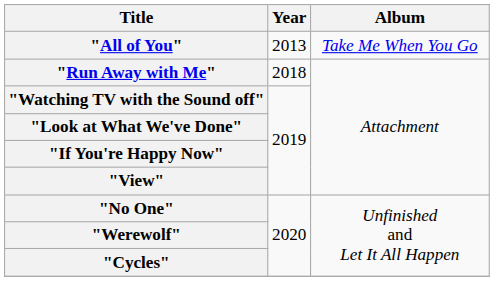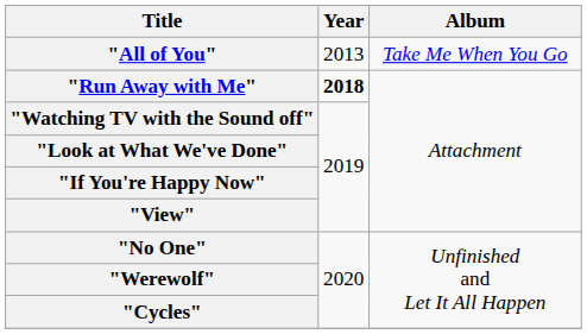 <table class="wikitable plainrowheaders" style="text-align: center">
 <tr>
 <th scope="col">Title</th>
 <th scope="col">Year</th>
 <th scope="col" style="width:160px;">Album</th>
 </tr>
 <tr>
 <th scope="row">"<a href='#'>All of You</a>"<br></th>
 <td>2013</td>
 <td><em><a href='#'>Take Me When You Go</a></em></td>
 </tr>
 <tr>
 <th scope="row">"<a href='#'>Run Away with Me</a>"<br></th>
-<td>2018</td>
+<td><strong>2018</strong></td>
 <td rowspan="5"><em>Attachment</em></td>
 </tr>
 <tr>
 <th scope="row">"Watching TV with the Sound off"</th>
 <td rowspan="4">2019</td>
 </tr>
 <tr>
 <th scope="row">"Look at What We've Done"</th>
 </tr>
 <tr>
 <th scope="row">"If You're Happy Now"</th>
 </tr>
 <tr>
 <th scope="row">"View"</th>
 </tr>
 <tr>
 <th scope="row">"No One"<br></th>
 <td rowspan="3">2020</td>
 <td rowspan="3"><em>Unfinished</em><br>and<br><em>Let It All Happen</em></td>
 </tr>
 <tr>
 <th scope="row">"Werewolf"</th>
 </tr>
 <tr>
 <th scope="row">"Cycles"</th>
 </tr>
 <tr>
 </tr>
 </table>
